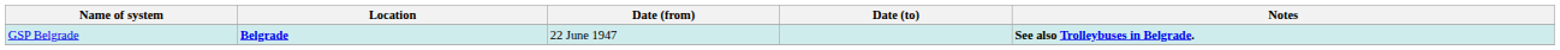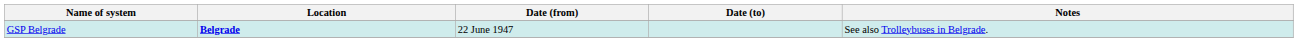 <table class="wikitable" width=100%>
 <tr>
 <th width=15%>Name of system</th>
 <th width=20%>Location</th>
 <th width=15%>Date (from)</th>
 <th width=15%>Date (to)</th>
 <th width=35%>Notes</th>
 </tr>
 <tr>
 </tr>
 <tr style="background:#CFECEC">
 <td><a href='#'>GSP Belgrade</a></td>
 <td><strong><a href='#'>Belgrade</a></strong></td>
 <td>22 June 1947</td>
 <td> </td>
-<td><strong>See also <a href='#'>Trolleybuses in Belgrade</a>.</strong></td>
+<td>See also <a href='#'>Trolleybuses in Belgrade</a>.</td>
 </tr>
 <tr>
 </tr>
 </table>
